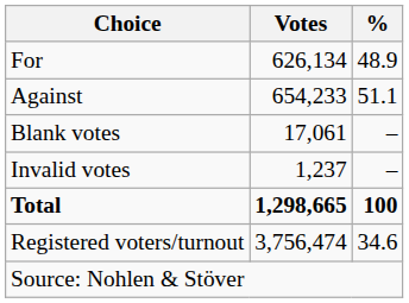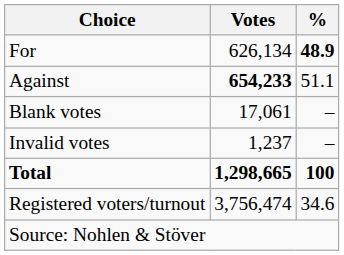 <table class=wikitable style=text-align:right>
 <tr>
 <th>Choice</th>
 <th>Votes</th>
 <th>%</th>
 </tr>
 <tr>
 <td align=left>For</td>
 <td>626,134</td>
-<td>48.9</td>
+<td><strong>48.9</strong></td>
 </tr>
 <tr>
 <td align=left>Against</td>
-<td>654,233</td>
+<td><strong>654,233</strong></td>
 <td>51.1</td>
 </tr>
 <tr>
 <td align=left>Blank votes</td>
 <td>17,061</td>
 <td>–</td>
 </tr>
 <tr>
 <td align=left>Invalid votes</td>
 <td>1,237</td>
 <td>–</td>
 </tr>
 <tr>
 <td align=left><strong>Total</strong></td>
 <td><strong>1,298,665</strong></td>
 <td><strong>100</strong></td>
 </tr>
 <tr>
 <td align=left>Registered voters/turnout</td>
 <td>3,756,474</td>
 <td>34.6</td>
 </tr>
 <tr>
 <td align=left colspan=3>Source: Nohlen & Stöver</td>
 </tr>
 </table>
